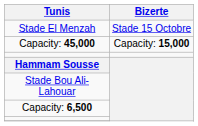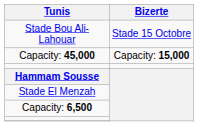 <table class="wikitable" style="text-align:center">
 <tr>
 <th><a href='#'>Tunis</a></th>
 <th><a href='#'>Bizerte</a></th>
 </tr>
 <tr>
-<td><a href='#'>Stade El Menzah</a></td>
+<td><a href='#'>Stade Bou Ali-Lahouar</a></td>
 <td><a href='#'>Stade 15 Octobre</a></td>
 </tr>
 <tr>
 <td>Capacity: <strong>45,000</strong></td>
 <td>Capacity: <strong>15,000</strong></td>
 </tr>
 <tr>
 <td></td>
 <td></td>
 </tr>
 <tr>
 <th width=160><a href='#'>Hammam Sousse</a></th>
 <th rowspan=8><br></th>
 </tr>
 <tr>
-<td><a href='#'>Stade Bou Ali-Lahouar</a></td>
+<td><a href='#'>Stade El Menzah</a></td>
 </tr>
 <tr>
 <td>Capacity: <strong>6,500</strong></td>
 </tr>
 <tr>
 <td></td>
 </tr>
 <tr>
 </tr>
 </table>
